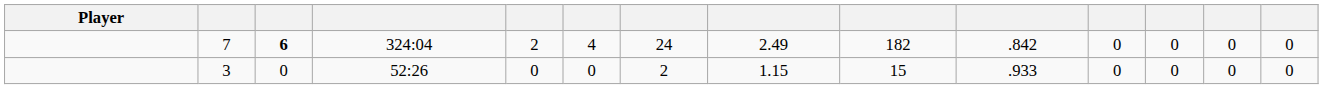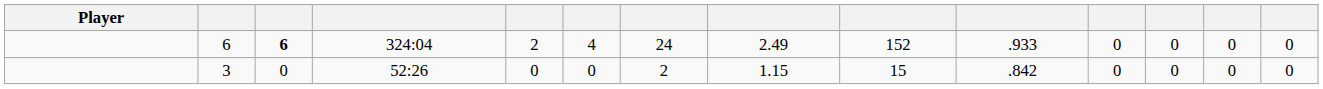 <table class="wikitable sortable" style="width:100%; text-align:center;">
 <tr style="text-align:center; background:#ddd;">
 <th>Player</th>
 <th></th>
 <th></th>
 <th></th>
 <th></th>
 <th></th>
 <th></th>
 <th></th>
 <th></th>
 <th></th>
 <th></th>
 <th></th>
 <th></th>
 <th></th>
 </tr>
 <tr>
 <td style=white-space:nowrap></td>
-<td>7</td>
+<td>6</td>
 <td><strong>6</strong></td>
 <td>324:04</td>
 <td>2</td>
 <td>4</td>
 <td>24</td>
 <td>2.49</td>
-<td>182</td>
-<td>.842</td>
+<td>152</td>
+<td>.933</td>
 <td>0</td>
 <td>0</td>
 <td>0</td>
 <td>0</td>
 </tr>
 <tr>
 <td style=white-space:nowrap></td>
 <td>3</td>
 <td>0</td>
 <td>52:26</td>
 <td>0</td>
 <td>0</td>
 <td>2</td>
 <td>1.15</td>
 <td>15</td>
-<td>.933</td>
+<td>.842</td>
 <td>0</td>
 <td>0</td>
 <td>0</td>
 <td>0</td>
 </tr>
 </table>
